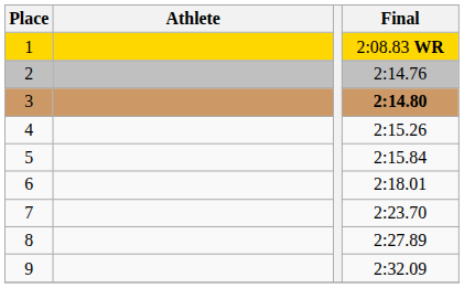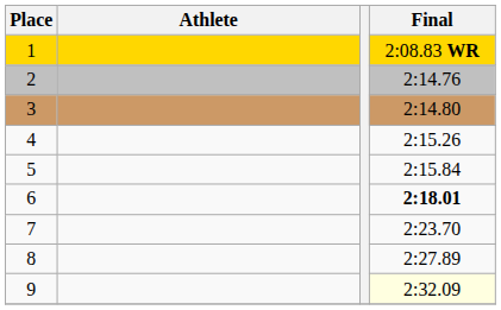 <table class="wikitable" style="text-align:center">
 <tr>
 <th>Place</th>
 <th width=250>Athlete</th>
 <th rowspan=10></th>
 <th width=100>Final</th>
 </tr>
 <tr bgcolor=gold>
 <td>1</td>
 <td align=left></td>
 <td>2:08.83 <strong>WR</strong></td>
 </tr>
 <tr bgcolor=silver>
 <td>2</td>
 <td align=left></td>
 <td>2:14.76</td>
 </tr>
 <tr bgcolor=cc9966>
 <td>3</td>
 <td align=left></td>
-<td><strong>2:14.80</strong></td>
+<td>2:14.80</td>
 </tr>
 <tr>
 <td>4</td>
 <td align=left></td>
 <td>2:15.26</td>
 </tr>
 <tr>
 <td>5</td>
 <td align=left></td>
 <td>2:15.84</td>
 </tr>
 <tr>
 <td>6</td>
 <td align=left></td>
-<td>2:18.01</td>
+<td><strong>2:18.01</strong></td>
 </tr>
 <tr>
 <td>7</td>
 <td align=left></td>
 <td>2:23.70</td>
 </tr>
 <tr>
 <td>8</td>
 <td align=left></td>
 <td>2:27.89</td>
 </tr>
 <tr>
 <td>9</td>
 <td align=left></td>
-<td>2:32.09</td>
+<td style="background: lightyellow;">2:32.09</td>
 </tr>
 <tr>
 </tr>
 </table>
